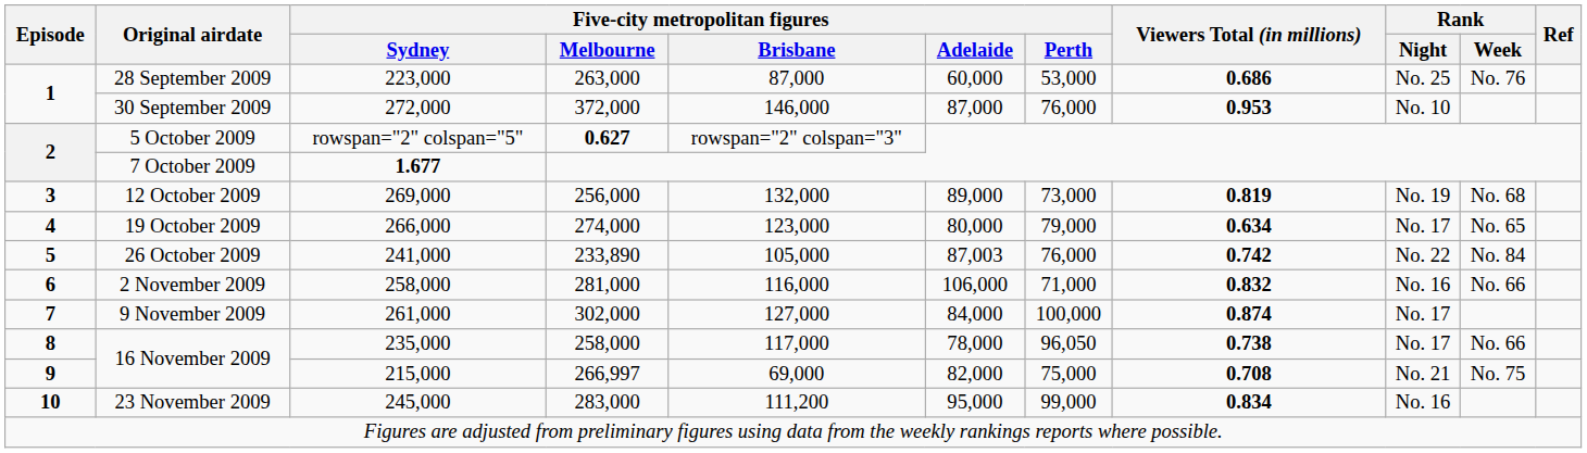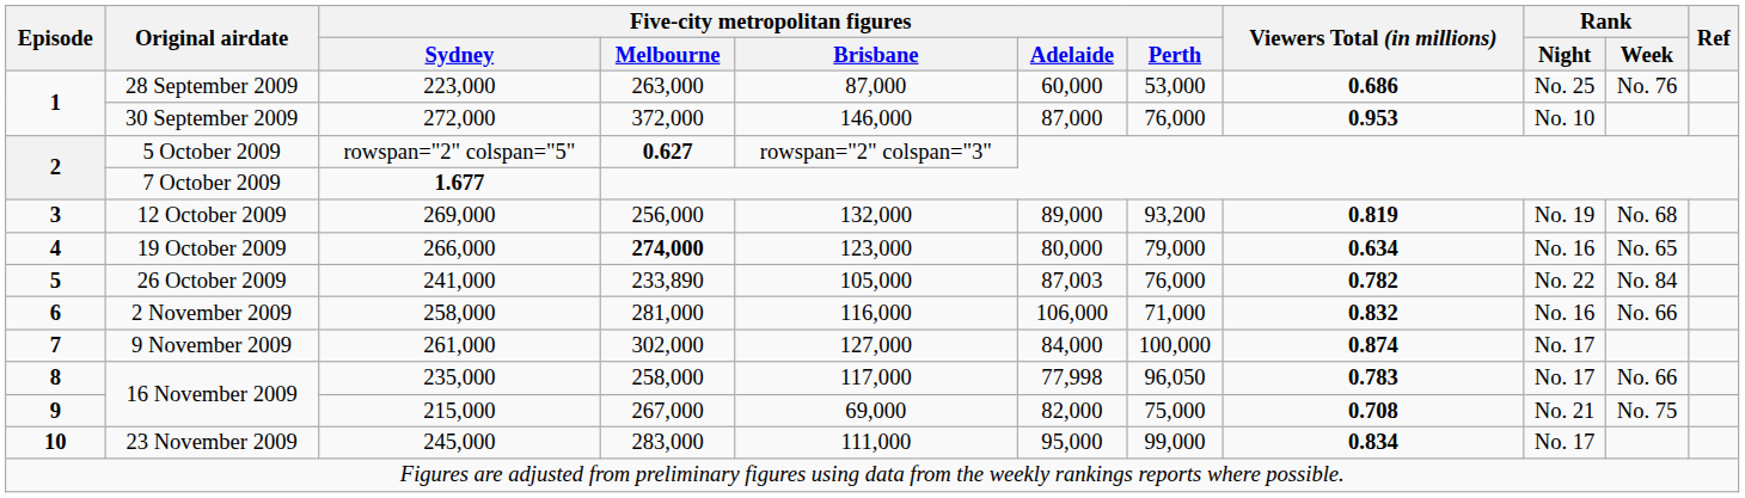 <table class="wikitable plainrowheaders" style="text-align:center; line-height:16px; width:99%;">
 <tr>
 <th rowspan=2>Episode</th>
 <th rowspan=2>Original airdate</th>
 <th colspan=5>Five-city metropolitan figures</th>
 <th rowspan=2>Viewers Total <em>(in millions)</em></th>
 <th colspan=2>Rank</th>
 <th rowspan=2>Ref</th>
 </tr>
 <tr>
 <th><a href='#'>Sydney</a></th>
 <th><a href='#'>Melbourne</a></th>
 <th><a href='#'>Brisbane</a></th>
 <th><a href='#'>Adelaide</a></th>
 <th><a href='#'>Perth</a></th>
 <th>Night</th>
 <th>Week</th>
 </tr>
 <tr>
 <td rowspan=2><strong>1</strong></td>
 <td>28 September 2009</td>
 <td>223,000</td>
 <td>263,000</td>
 <td>87,000</td>
 <td>60,000</td>
 <td>53,000</td>
 <td><strong>0.686</strong></td>
 <td>No. 25</td>
 <td>No. 76</td>
 <td></td>
 </tr>
 <tr>
 <td>30 September 2009</td>
 <td>272,000</td>
 <td>372,000</td>
 <td>146,000</td>
 <td>87,000</td>
 <td>76,000</td>
 <td><strong>0.953</strong></td>
 <td>No. 10</td>
 <td></td>
 <td></td>
 </tr>
 <tr>
 <th rowspan=2>2</th>
 <td>5 October 2009</td>
 <td>rowspan="2" colspan="5" </td>
 <td><strong>0.627</strong></td>
 <td>rowspan="2" colspan="3" </td>
 </tr>
 <tr>
 <td>7 October 2009</td>
 <td><strong>1.677</strong></td>
 </tr>
 <tr>
 <td><strong>3</strong></td>
 <td>12 October 2009</td>
 <td>269,000</td>
 <td>256,000</td>
 <td>132,000</td>
 <td>89,000</td>
-<td>73,000</td>
+<td>93,200</td>
 <td><strong>0.819</strong></td>
 <td>No. 19</td>
 <td>No. 68</td>
 <td></td>
 </tr>
 <tr>
 <td><strong>4</strong></td>
 <td>19 October 2009</td>
 <td>266,000</td>
-<td>274,000</td>
+<td><strong>274,000</strong></td>
 <td>123,000</td>
 <td>80,000</td>
 <td>79,000</td>
 <td><strong>0.634</strong></td>
-<td>No. 17</td>
+<td>No. 16</td>
 <td>No. 65</td>
 <td></td>
 </tr>
 <tr>
 <td><strong>5</strong></td>
 <td>26 October 2009</td>
 <td>241,000</td>
 <td>233,890</td>
 <td>105,000</td>
 <td>87,003</td>
 <td>76,000</td>
-<td><strong>0.742</strong></td>
+<td><strong>0.782</strong></td>
 <td>No. 22</td>
 <td>No. 84</td>
 <td></td>
 </tr>
 <tr>
 <td><strong>6</strong></td>
 <td>2 November 2009</td>
 <td>258,000</td>
 <td>281,000</td>
 <td>116,000</td>
 <td>106,000</td>
 <td>71,000</td>
 <td><strong>0.832</strong></td>
 <td>No. 16</td>
 <td>No. 66</td>
 <td></td>
 </tr>
 <tr>
 <td><strong>7</strong></td>
 <td>9 November 2009</td>
 <td>261,000</td>
 <td>302,000</td>
 <td>127,000</td>
 <td>84,000</td>
 <td>100,000</td>
 <td><strong>0.874</strong></td>
 <td>No. 17</td>
 <td></td>
 <td></td>
 </tr>
 <tr>
 <td><strong>8</strong></td>
 <td rowspan=2>16 November 2009</td>
 <td>235,000</td>
 <td>258,000</td>
 <td>117,000</td>
-<td>78,000</td>
+<td>77,998</td>
 <td>96,050</td>
-<td><strong>0.738</strong></td>
+<td><strong>0.783</strong></td>
 <td>No. 17</td>
 <td>No. 66</td>
 <td></td>
 </tr>
 <tr>
 <td><strong>9</strong></td>
 <td>215,000</td>
-<td>266,997</td>
+<td>267,000</td>
 <td>69,000</td>
 <td>82,000</td>
 <td>75,000</td>
 <td><strong>0.708</strong></td>
 <td>No. 21</td>
 <td>No. 75</td>
 <td></td>
 </tr>
 <tr>
 <td><strong>10</strong></td>
 <td>23 November 2009</td>
 <td>245,000</td>
 <td>283,000</td>
-<td>111,200</td>
+<td>111,000</td>
 <td>95,000</td>
 <td>99,000</td>
 <td><strong>0.834</strong></td>
-<td>No. 16</td>
+<td>No. 17</td>
 <td></td>
 <td></td>
 </tr>
 <tr>
 <td colspan=11><em>Figures are adjusted from preliminary figures using data from the weekly rankings reports where possible.</em></td>
 </tr>
 </table>
